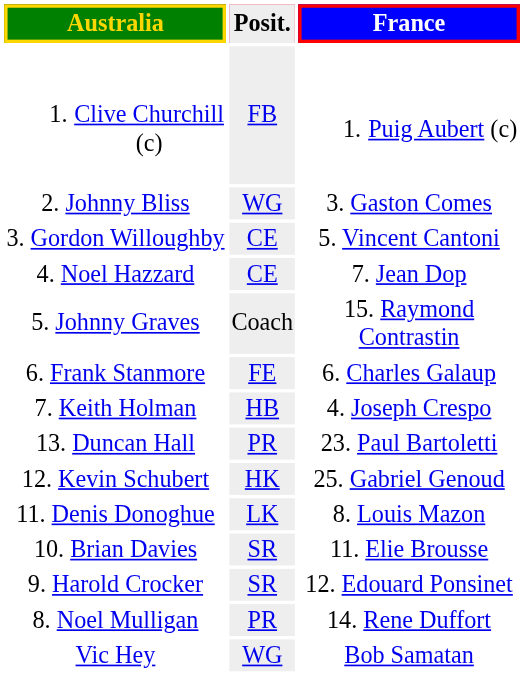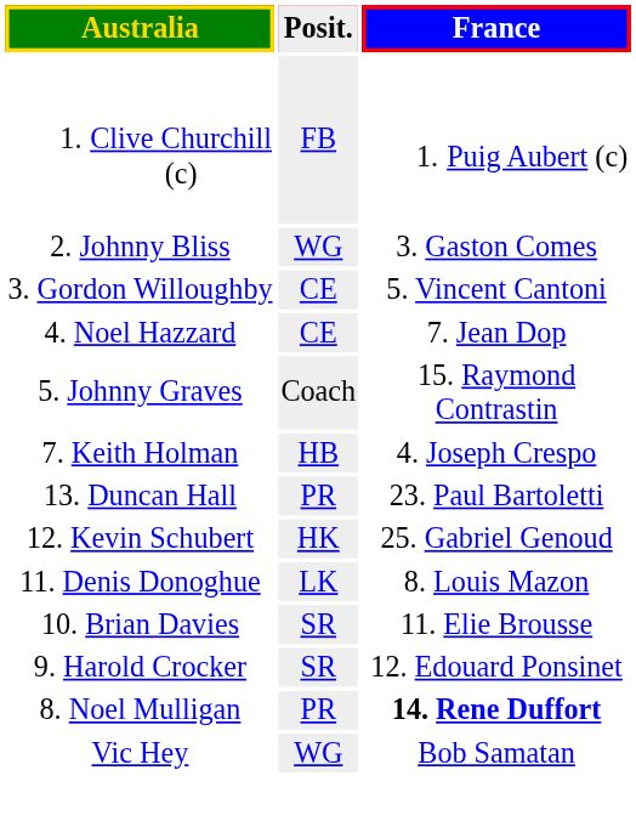 <table style="float:right; font-size:90%; margin-left:1em;">
 <tr style="background:#f03;">
 <th align="centre"  style="width:126px; border:2px solid gold; background:green; color:gold;">Australia</th>
 <th style="text-align:center; background:#eee; color:black;">Posit.</th>
 <th align="centre"  style="width:126px; width:126px; border:2px solid red; background:blue; color:white;">France</th>
 </tr>
 <tr>
 <td style="text-align:center;"><br><ol><li><a href='#'>Clive Churchill</a> (c)</li></ol></td>
 <td style="text-align:center; background:#eee;"><a href='#'>FB</a></td>
 <td style="text-align:center;"><br><ol><li><a href='#'>Puig Aubert</a> (c)</li></ol></td>
 </tr>
 <tr>
 <td style="text-align:center;">2. <a href='#'>Johnny Bliss</a></td>
 <td style="text-align:center; background:#eee;"><a href='#'>WG</a></td>
 <td style="text-align:center;">3. <a href='#'>Gaston Comes</a></td>
 </tr>
 <tr>
 <td style="text-align:center;">3. <a href='#'>Gordon Willoughby</a></td>
 <td style="text-align:center; background:#eee;"><a href='#'>CE</a></td>
 <td style="text-align:center;">5. <a href='#'>Vincent Cantoni</a></td>
 </tr>
 <tr>
 <td style="text-align:center;">4. <a href='#'>Noel Hazzard</a></td>
 <td style="text-align:center; background:#eee;"><a href='#'>CE</a></td>
 <td style="text-align:center;">7. <a href='#'>Jean Dop</a></td>
 </tr>
 <tr>
 <td style="text-align:center;">5. <a href='#'>Johnny Graves</a></td>
 <td style="text-align:center; background:#eee;">Coach</td>
 <td style="text-align:center;">15. <a href='#'>Raymond Contrastin</a></td>
-</tr>
-<tr>
-<td style="text-align:center;">6. <a href='#'>Frank Stanmore</a></td>
-<td style="text-align:center; background:#eee;"><a href='#'>FE</a></td>
-<td style="text-align:center;">6. <a href='#'>Charles Galaup</a></td>
 </tr>
 <tr>
 <td style="text-align:center;">7. <a href='#'>Keith Holman</a></td>
 <td style="text-align:center; background:#eee;"><a href='#'>HB</a></td>
 <td style="text-align:center;">4. <a href='#'>Joseph Crespo</a></td>
 </tr>
 <tr>
 <td style="text-align:center;">13. <a href='#'>Duncan Hall</a></td>
 <td style="text-align:center; background:#eee;"><a href='#'>PR</a></td>
 <td style="text-align:center;">23. <a href='#'>Paul Bartoletti</a></td>
 </tr>
 <tr>
 <td style="text-align:center;">12. <a href='#'>Kevin Schubert</a></td>
 <td style="text-align:center; background:#eee;"><a href='#'>HK</a></td>
 <td style="text-align:center;">25. <a href='#'>Gabriel Genoud</a></td>
 </tr>
 <tr>
 <td style="text-align:center;">11. <a href='#'>Denis Donoghue</a></td>
 <td style="text-align:center; background:#eee;"><a href='#'>LK</a></td>
 <td style="text-align:center;">8. <a href='#'>Louis Mazon</a></td>
 </tr>
 <tr>
 <td style="text-align:center;">10. <a href='#'>Brian Davies</a></td>
 <td style="text-align:center; background:#eee;"><a href='#'>SR</a></td>
 <td style="text-align:center;">11. <a href='#'>Elie Brousse</a></td>
 </tr>
 <tr>
 <td style="text-align:center;">9. <a href='#'>Harold Crocker</a></td>
 <td style="text-align:center; background:#eee;"><a href='#'>SR</a></td>
 <td style="text-align:center;">12. <a href='#'>Edouard Ponsinet</a></td>
 </tr>
 <tr>
 <td style="text-align:center;">8. <a href='#'>Noel Mulligan</a></td>
 <td style="text-align:center; background:#eee;"><a href='#'>PR</a></td>
-<td style="text-align:center;">14. <a href='#'>Rene Duffort</a></td>
+<td style="text-align:center;"><strong>14. <a href='#'>Rene Duffort</a></strong></td>
 </tr>
 <tr style="text-align:center;">
 <td><a href='#'>Vic Hey</a></td>
 <td style="text-align:center; background:#eee;"><a href='#'>WG</a></td>
 <td style="text-align:center;"><a href='#'>Bob Samatan</a></td>
 </tr>
 </table>
